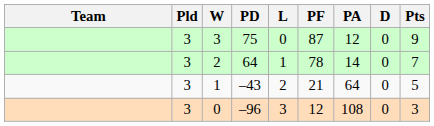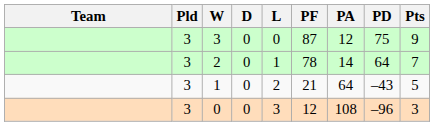 <table class="wikitable" style="text-align:center;">
 <tr>
 <th width=175>Team</th>
 <th width=25 abbr="Played">Pld</th>
 <th width=25 abbr="Won">W</th>
-<th width=32 abbr="Points difference">PD</th>
+<th width=25 abbr="Drawn">D</th>
 <th width=25 abbr="Lost">L</th>
 <th width=32 abbr="Points for">PF</th>
 <th width=32 abbr="Points against">PA</th>
-<th width=25 abbr="Drawn">D</th>
+<th width=32 abbr="Points difference">PD</th>
 <th width=25 abbr="Points">Pts</th>
 </tr>
 <tr bgcolor="#ccffcc">
 <td align=left></td>
 <td>3</td>
 <td>3</td>
-<td>75</td>
+<td>0</td>
 <td>0</td>
 <td>87</td>
 <td>12</td>
-<td>0</td>
+<td>75</td>
 <td>9</td>
 </tr>
 <tr bgcolor="#ccffcc">
 <td align=left></td>
 <td>3</td>
 <td>2</td>
-<td>64</td>
+<td>0</td>
 <td>1</td>
 <td>78</td>
 <td>14</td>
-<td>0</td>
+<td>64</td>
 <td>7</td>
 </tr>
 <tr>
 <td align=left></td>
 <td>3</td>
 <td>1</td>
-<td>–43</td>
+<td>0</td>
 <td>2</td>
 <td>21</td>
 <td>64</td>
-<td>0</td>
+<td>–43</td>
 <td>5</td>
 </tr>
 <tr bgcolor="#ffddbb">
 <td align=left></td>
 <td>3</td>
 <td>0</td>
-<td>–96</td>
+<td>0</td>
 <td>3</td>
 <td>12</td>
 <td>108</td>
-<td>0</td>
+<td>–96</td>
 <td>3</td>
 </tr>
 </table>
